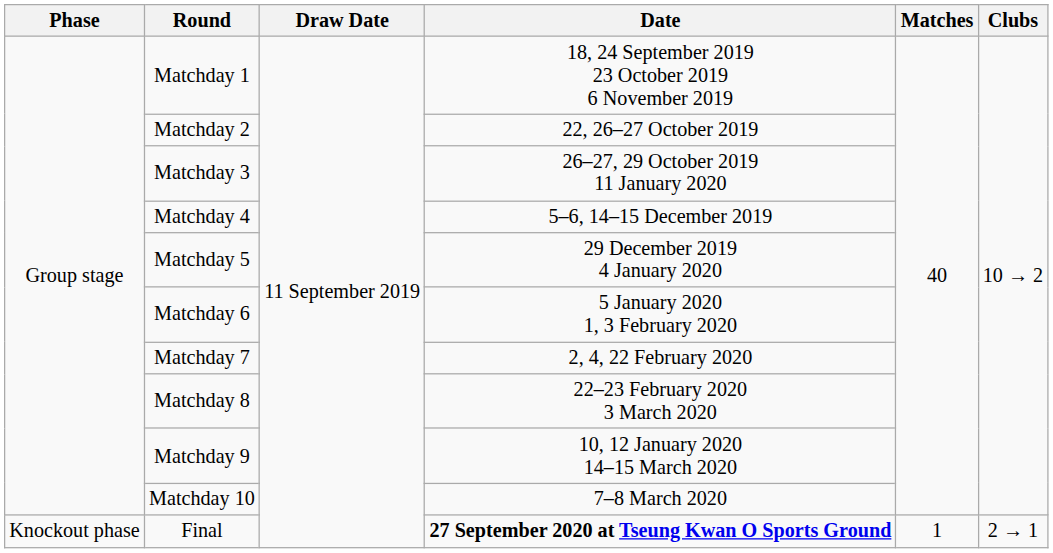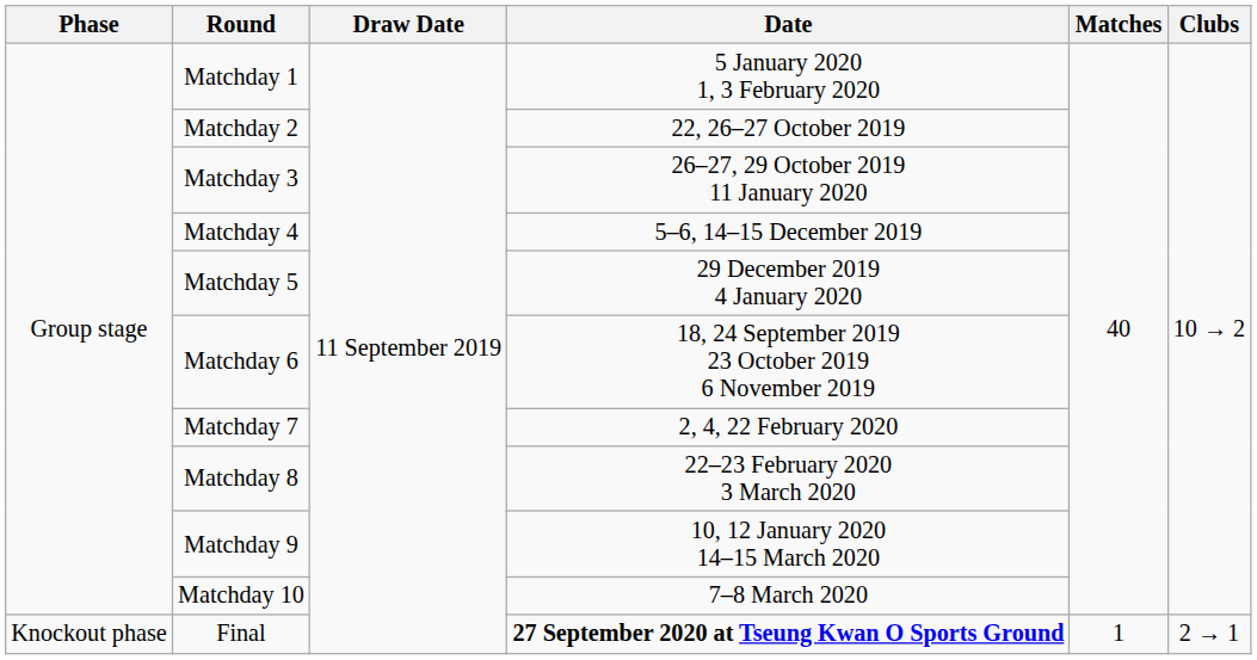 <table class="wikitable">
 <tr>
 <th>Phase</th>
 <th>Round</th>
 <th>Draw Date</th>
 <th>Date</th>
 <th>Matches</th>
 <th>Clubs</th>
 </tr>
 <tr align=center>
 <td rowspan=10>Group stage</td>
 <td>Matchday 1</td>
 <td rowspan=12>11 September 2019</td>
-<td>18, 24 September 2019<br>23 October 2019<br>6 November 2019</td>
+<td>5 January 2020<br>1, 3 February 2020</td>
 <td rowspan=10>40</td>
 <td rowspan=10>10 → 2</td>
 </tr>
 <tr align=center>
 <td>Matchday 2</td>
 <td>22, 26–27 October 2019</td>
 </tr>
 <tr align=center>
 <td>Matchday 3</td>
 <td>26–27, 29 October 2019<br>11 January 2020</td>
 </tr>
 <tr align=center>
 <td>Matchday 4</td>
 <td>5–6, 14–15 December 2019</td>
 </tr>
 <tr align=center>
 <td>Matchday 5</td>
 <td>29 December 2019<br>4 January 2020</td>
 </tr>
 <tr align=center>
 <td>Matchday 6</td>
-<td>5 January 2020<br>1, 3 February 2020</td>
+<td>18, 24 September 2019<br>23 October 2019<br>6 November 2019</td>
 </tr>
 <tr align=center>
 <td>Matchday 7</td>
 <td>2, 4, 22 February 2020</td>
 </tr>
 <tr align=center>
 <td>Matchday 8</td>
 <td>22–23 February 2020<br>3 March 2020</td>
 </tr>
 <tr align=center>
 <td>Matchday 9</td>
 <td>10, 12 January 2020<br>14–15 March 2020</td>
 </tr>
 <tr align=center>
 <td>Matchday 10</td>
 <td>7–8 March 2020</td>
 </tr>
 <tr align=center>
 <td rowspan=1>Knockout phase</td>
 <td>Final</td>
 <td><strong>27 September 2020 at <a href='#'>Tseung Kwan O Sports Ground</a></strong></td>
 <td>1</td>
 <td>2 → 1</td>
 </tr>
 </table>
